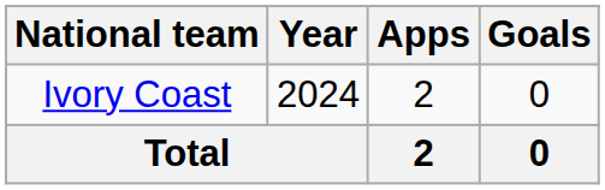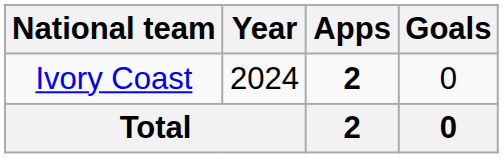 <table class="wikitable" style="text-align: center;">
 <tr>
 <th>National team</th>
 <th>Year</th>
 <th>Apps</th>
 <th>Goals</th>
 </tr>
 <tr>
 <td rowspan="1"><a href='#'>Ivory Coast</a></td>
 <td>2024</td>
-<td>2</td>
+<td><strong>2</strong></td>
 <td>0</td>
 </tr>
 <tr>
 <th colspan="2">Total</th>
 <th>2</th>
 <th>0</th>
 </tr>
 </table>
